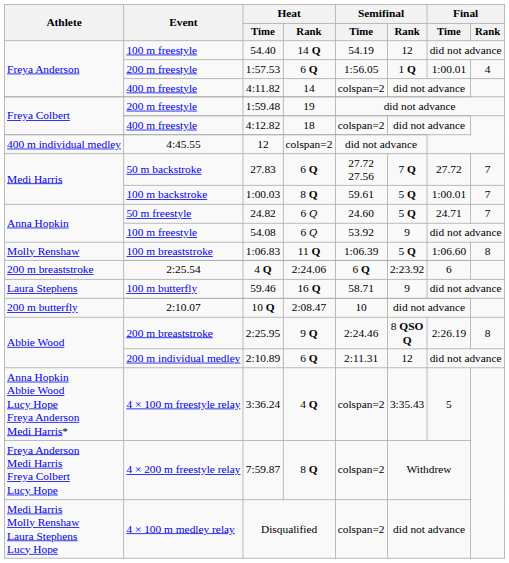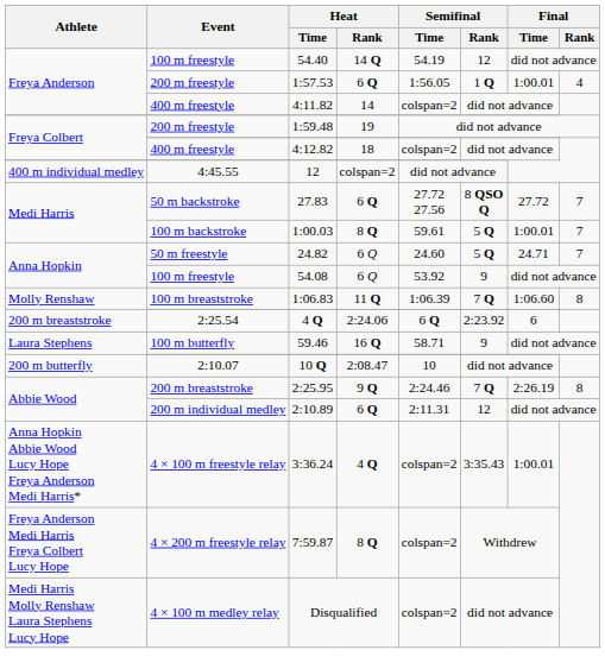 <table class=wikitable style="font-size:90%">
 <tr>
 <th rowspan="2">Athlete</th>
 <th rowspan="2">Event</th>
 <th colspan="2">Heat</th>
 <th colspan="2">Semifinal</th>
 <th colspan="2">Final</th>
 </tr>
 <tr style="font-size:95%">
 <th>Time</th>
 <th>Rank</th>
 <th>Time</th>
 <th>Rank</th>
 <th>Time</th>
 <th>Rank</th>
 </tr>
 <tr style="text-align:center">
 <td style="text-align:left" rowspan=3><a href='#'>Freya Anderson</a></td>
 <td style="text-align:left"><a href='#'>100 m freestyle</a></td>
 <td>54.40</td>
 <td>14 <strong>Q</strong></td>
 <td>54.19</td>
 <td>12</td>
 <td colspan=2>did not advance</td>
 </tr>
 <tr style="text-align:center">
 <td style="text-align:left"><a href='#'>200 m freestyle</a></td>
 <td>1:57.53</td>
 <td>6 <strong>Q</strong></td>
 <td>1:56.05</td>
 <td>1 <strong>Q</strong></td>
 <td>1:00.01</td>
 <td>4</td>
 </tr>
 <tr style="text-align:center">
 <td style="text-align:left"><a href='#'>400 m freestyle</a></td>
 <td>4:11.82</td>
 <td>14</td>
 <td>colspan=2 </td>
 <td colspan=2>did not advance</td>
 </tr>
 <tr>
 </tr>
 <tr style="text-align:center">
 <td style="text-align:left" rowspan=3><a href='#'>Freya Colbert</a></td>
 <td style="text-align:left"><a href='#'>200 m freestyle</a></td>
 <td>1:59.48</td>
 <td>19</td>
 <td colspan=4>did not advance</td>
 </tr>
 <tr>
 </tr>
 <tr style="text-align:center">
 <td style="text-align:left"><a href='#'>400 m freestyle</a></td>
 <td>4:12.82</td>
 <td>18</td>
 <td>colspan=2 </td>
 <td colspan=2>did not advance</td>
 </tr>
 <tr>
 </tr>
 <tr style="text-align:center">
 <td style="text-align:left"><a href='#'>400 m individual medley</a></td>
 <td>4:45.55</td>
 <td>12</td>
 <td>colspan=2 </td>
 <td colspan=2>did not advance</td>
 </tr>
 <tr style="text-align:center">
 <td style="text-align:left" rowspan=2><a href='#'>Medi Harris</a></td>
 <td style="text-align:left"><a href='#'>50 m backstroke</a></td>
 <td>27.83</td>
 <td>6 <strong>Q</strong></td>
 <td>27.72<br>27.56</td>
-<td>7 <strong>Q</strong></td>
+<td>8 <strong>QSO</strong><br><strong>Q</strong></td>
 <td>27.72</td>
 <td>7</td>
 </tr>
 <tr style="text-align:center">
 <td style="text-align:left"><a href='#'>100 m backstroke</a></td>
 <td>1:00.03</td>
 <td>8 <strong>Q</strong></td>
 <td>59.61</td>
 <td>5 <strong>Q</strong></td>
 <td>1:00.01</td>
 <td>7</td>
 </tr>
 <tr style="text-align:center">
 <td style="text-align:left" rowspan=2><a href='#'>Anna Hopkin</a></td>
 <td style="text-align:left"><a href='#'>50 m freestyle</a></td>
 <td>24.82</td>
 <td>6 <em>Q</em></td>
 <td>24.60</td>
 <td>5 <strong>Q</strong></td>
 <td>24.71</td>
 <td>7</td>
 </tr>
 <tr style="text-align:center">
 <td style="text-align:left"><a href='#'>100 m freestyle</a></td>
 <td>54.08</td>
 <td>6 <em>Q</em></td>
 <td>53.92</td>
 <td>9</td>
 <td colspan=2>did not advance</td>
 </tr>
 <tr style="text-align:center">
 <td style="text-align:left" rowspan=2><a href='#'>Molly Renshaw</a></td>
 <td style="text-align:left"><a href='#'>100 m breaststroke</a></td>
 <td>1:06.83</td>
 <td>11 <strong>Q</strong></td>
 <td>1:06.39</td>
-<td>5 <strong>Q</strong></td>
+<td>7 <strong>Q</strong></td>
 <td>1:06.60</td>
 <td>8</td>
 </tr>
 <tr>
 </tr>
 <tr style="text-align:center">
 <td style="text-align:left"><a href='#'>200 m breaststroke</a></td>
 <td>2:25.54</td>
 <td>4 <strong>Q</strong></td>
 <td>2:24.06</td>
 <td>6 <strong>Q</strong></td>
 <td>2:23.92</td>
 <td>6</td>
 </tr>
 <tr style="text-align:center">
 <td style="text-align:left" rowspan=2><a href='#'>Laura Stephens</a></td>
 <td style="text-align:left"><a href='#'>100 m butterfly</a></td>
 <td>59.46</td>
 <td>16 <strong>Q</strong></td>
 <td>58.71</td>
 <td>9</td>
 <td colspan=2>did not advance</td>
 </tr>
 <tr>
 </tr>
 <tr style="text-align:center">
 <td style="text-align:left"><a href='#'>200 m butterfly</a></td>
 <td>2:10.07</td>
 <td>10 <strong>Q</strong></td>
 <td>2:08.47</td>
 <td>10</td>
 <td colspan=2>did not advance</td>
 </tr>
 <tr style="text-align:center">
 <td style="text-align:left" rowspan=2><a href='#'>Abbie Wood</a></td>
 <td style="text-align:left"><a href='#'>200 m breaststroke</a></td>
 <td>2:25.95</td>
 <td>9 <strong>Q</strong></td>
 <td>2:24.46</td>
-<td>8 <strong>QSO</strong><br><strong>Q</strong></td>
+<td>7 <strong>Q</strong></td>
 <td>2:26.19</td>
 <td>8</td>
 </tr>
 <tr style="text-align:center">
 <td style="text-align:left"><a href='#'>200 m individual medley</a></td>
 <td>2:10.89</td>
 <td>6 <strong>Q</strong></td>
 <td>2:11.31</td>
 <td>12</td>
 <td colspan=2>did not advance</td>
 </tr>
 <tr style="text-align:center">
 <td style="text-align:left"><a href='#'>Anna Hopkin</a> <br><a href='#'>Abbie Wood</a> <br><a href='#'>Lucy Hope</a> <br><a href='#'>Freya Anderson</a> <br><a href='#'>Medi Harris</a>*</td>
 <td style="text-align:left"><a href='#'>4 × 100 m freestyle relay</a></td>
 <td>3:36.24</td>
 <td>4 <strong>Q</strong></td>
 <td>colspan=2 </td>
 <td>3:35.43</td>
-<td>5</td>
+<td>1:00.01</td>
 </tr>
 <tr style="text-align:center">
 <td style="text-align:left"><a href='#'>Freya Anderson</a> <br><a href='#'>Medi Harris</a> <br><a href='#'>Freya Colbert</a> <br><a href='#'>Lucy Hope</a></td>
 <td style="text-align:left"><a href='#'>4 × 200 m freestyle relay</a></td>
 <td>7:59.87</td>
 <td>8 <strong>Q</strong></td>
 <td>colspan=2 </td>
 <td colspan=2>Withdrew</td>
 </tr>
 <tr style="text-align:center">
 <td style="text-align:left"><a href='#'>Medi Harris</a> <br><a href='#'>Molly Renshaw</a><br><a href='#'>Laura Stephens</a><br><a href='#'>Lucy Hope</a></td>
 <td style="text-align:left"><a href='#'>4 × 100 m medley relay</a></td>
 <td colspan=2>Disqualified</td>
 <td>colspan=2 </td>
 <td colspan=2>did not advance</td>
 </tr>
 </table>
